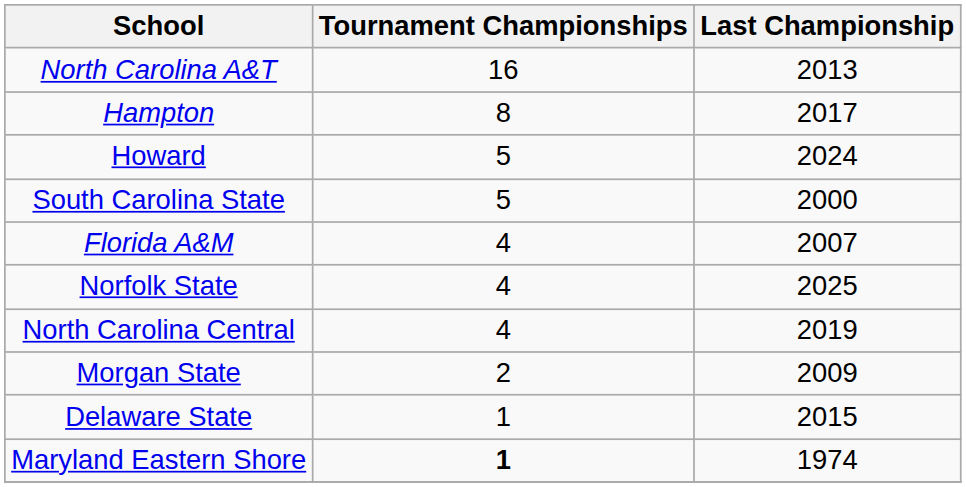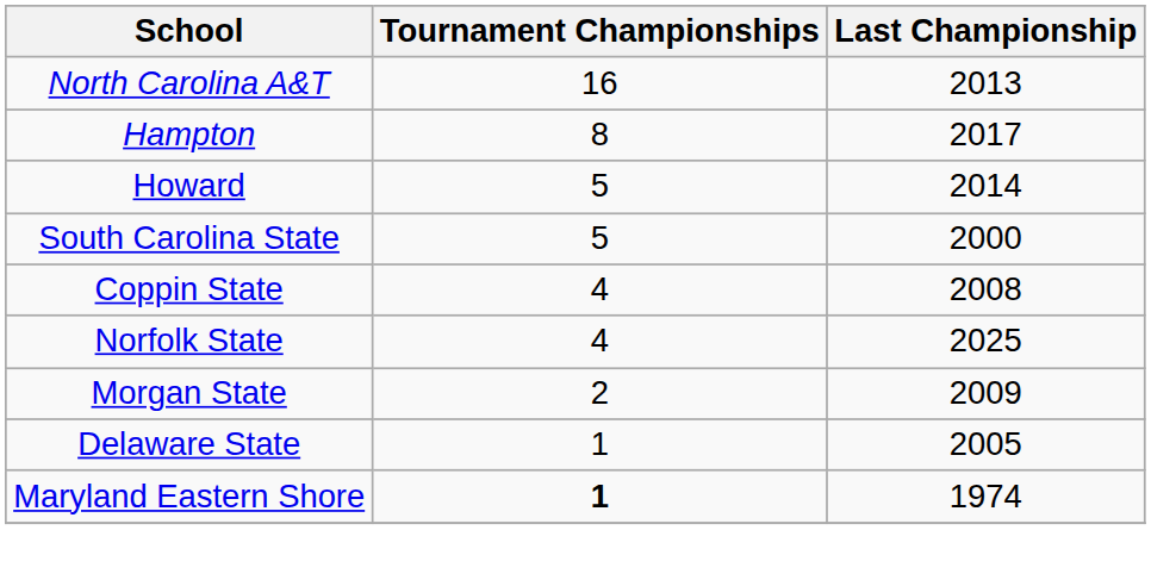 <table class="wikitable sortable" style="text-align:center">
 <tr>
 <th width=px>School</th>
 <th width=px>Tournament Championships</th>
 <th width=px>Last Championship</th>
 </tr>
 <tr>
 <td><em><a href='#'>North Carolina A&T</a></em></td>
 <td>16</td>
 <td>2013</td>
 </tr>
 <tr>
 <td><em><a href='#'>Hampton</a></em></td>
 <td>8</td>
 <td>2017</td>
 </tr>
 <tr>
 <td><a href='#'>Howard</a></td>
 <td>5</td>
-<td>2024</td>
+<td>2014</td>
 </tr>
 <tr>
 <td><a href='#'>South Carolina State</a></td>
 <td>5</td>
 <td>2000</td>
 </tr>
 <tr>
-<td><em><a href='#'>Florida A&M</a></em></td>
+<td><a href='#'>Coppin State</a></td>
 <td>4</td>
-<td>2007</td>
+<td>2008</td>
 </tr>
 <tr>
 <td><a href='#'>Norfolk State</a></td>
 <td>4</td>
 <td>2025</td>
-</tr>
-<tr>
-<td><a href='#'>North Carolina Central</a></td>
-<td>4</td>
-<td>2019</td>
 </tr>
 <tr>
 <td><a href='#'>Morgan State</a></td>
 <td>2</td>
 <td>2009</td>
 </tr>
 <tr>
 <td><a href='#'>Delaware State</a></td>
 <td>1</td>
-<td>2015</td>
+<td>2005</td>
 </tr>
 <tr>
 <td><a href='#'>Maryland Eastern Shore</a></td>
 <td><strong>1</strong></td>
 <td>1974</td>
 </tr>
 <tr>
 </tr>
 </table>
